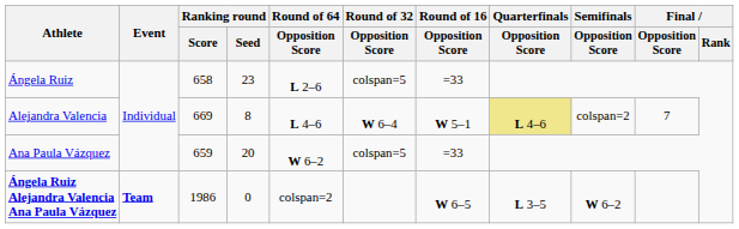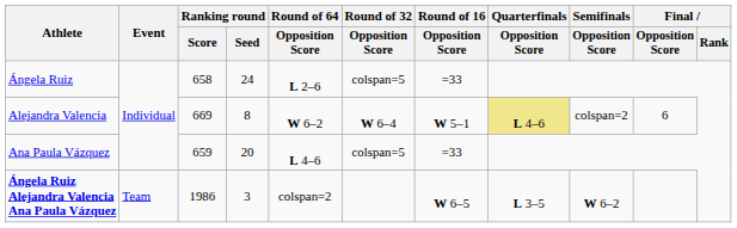 <table class="wikitable" style="font-size:90%; text-align:center">
 <tr>
 <th rowspan=2>Athlete</th>
 <th rowspan=2>Event</th>
 <th colspan="2">Ranking round</th>
 <th>Round of 64</th>
 <th>Round of 32</th>
 <th>Round of 16</th>
 <th>Quarterfinals</th>
 <th>Semifinals</th>
 <th colspan="2">Final / </th>
 </tr>
 <tr style="font-size:95%">
 <th>Score</th>
 <th>Seed</th>
 <th>Opposition<br>Score</th>
 <th>Opposition<br>Score</th>
 <th>Opposition<br>Score</th>
 <th>Opposition<br>Score</th>
 <th>Opposition<br>Score</th>
 <th>Opposition<br>Score</th>
 <th>Rank</th>
 </tr>
 <tr align=center>
 <td align=left><a href='#'>Ángela Ruiz</a></td>
 <td align=left rowspan=3><a href='#'>Individual</a></td>
 <td>658</td>
-<td>23</td>
+<td>24</td>
 <td><br><strong>L</strong> 2–6</td>
 <td>colspan=5</td>
 <td>=33</td>
 </tr>
 <tr align=center>
 <td align=left><a href='#'>Alejandra Valencia</a></td>
 <td>669</td>
 <td>8</td>
-<td><br><strong>L</strong> 4–6</td>
+<td><br><strong>W</strong> 6–2</td>
 <td><br><strong>W</strong> 6–4</td>
 <td><br><strong>W</strong> 5–1</td>
 <td style="background: khaki;"><br><strong>L</strong> 4–6</td>
 <td>colspan=2</td>
-<td>7</td>
+<td>6</td>
 </tr>
 <tr align=center>
 <td align=left><a href='#'>Ana Paula Vázquez</a></td>
 <td>659</td>
 <td>20</td>
-<td><br><strong>W</strong> 6–2</td>
+<td><br><strong>L</strong> 4–6</td>
 <td>colspan=5</td>
 <td>=33</td>
 </tr>
 <tr align=center>
 <td align=left><strong><a href='#'>Ángela Ruiz</a><br><a href='#'>Alejandra Valencia</a><br><a href='#'>Ana Paula Vázquez</a></strong></td>
-<td align=left><strong><a href='#'>Team</a></strong></td>
+<td align=left><a href='#'>Team</a></td>
 <td>1986</td>
-<td>0</td>
+<td>3</td>
 <td>colspan=2 </td>
 <td></td>
 <td><br><strong>W</strong> 6–5</td>
 <td><br><strong>L</strong> 3–5</td>
 <td><br><strong>W</strong> 6–2</td>
 <td></td>
 </tr>
 </table>
